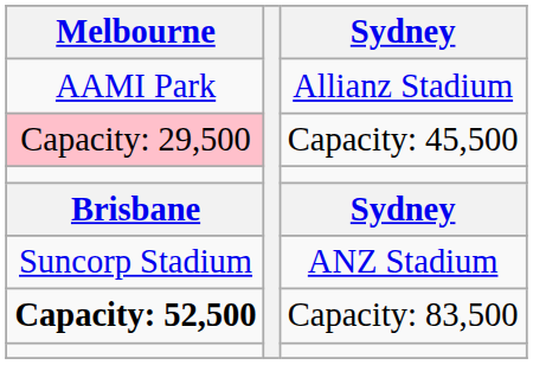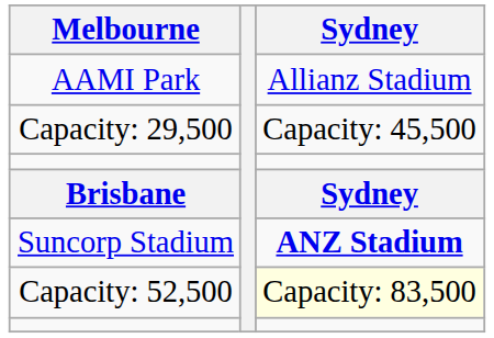 <table class="wikitable" style="margin:1em auto; text-align:center">
 <tr>
 <th><a href='#'>Melbourne</a></th>
 <th colspan="2" rowspan="16"></th>
 <th><a href='#'>Sydney</a></th>
 </tr>
 <tr>
 <td><a href='#'>AAMI Park</a></td>
 <td><a href='#'>Allianz Stadium</a></td>
 </tr>
 <tr>
-<td style="background: pink;">Capacity: 29,500</td>
+<td>Capacity: 29,500</td>
 <td>Capacity: 45,500</td>
 </tr>
 <tr>
 <td></td>
 <td></td>
 </tr>
 <tr>
 <th><a href='#'>Brisbane</a></th>
 <th><a href='#'>Sydney</a></th>
 </tr>
 <tr>
 <td><a href='#'>Suncorp Stadium</a></td>
-<td><a href='#'>ANZ Stadium</a></td>
+<td><strong><a href='#'>ANZ Stadium</a></strong></td>
 </tr>
 <tr>
-<td><strong>Capacity: 52,500</strong></td>
-<td>Capacity: 83,500</td>
+<td>Capacity: 52,500</td>
+<td style="background: lightyellow;">Capacity: 83,500</td>
 </tr>
 <tr>
 <td></td>
 <td></td>
 </tr>
 </table>
